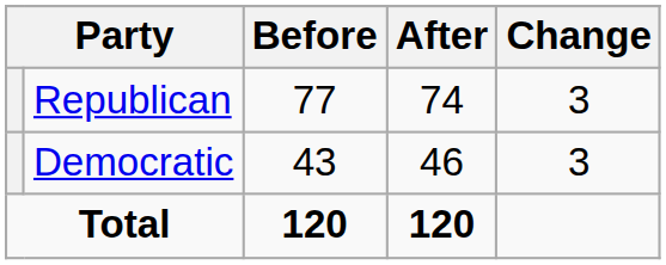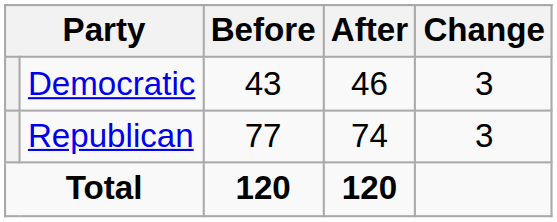 <table class="wikitable" style="text-align:center;">
 <tr>
 </tr>
 <tr>
 <th colspan=2>Party</th>
 <th>Before</th>
 <th>After</th>
 <th>Change</th>
 </tr>
 <tr>
 <th style="background-color:"></th>
-<td style="text-align:left;"><a href='#'>Republican</a></td>
-<td>77</td>
-<td>74</td>
+<td style="text-align:left;"><a href='#'>Democratic</a></td>
+<td>43</td>
+<td>46</td>
 <td> 3</td>
 </tr>
 <tr>
 <th style="background-color:"></th>
-<td style="text-align:left;"><a href='#'>Democratic</a></td>
-<td>43</td>
-<td>46</td>
+<td style="text-align:left;"><a href='#'>Republican</a></td>
+<td>77</td>
+<td>74</td>
 <td> 3</td>
 </tr>
 <tr>
 <td colspan=2><strong>Total</strong></td>
 <td><strong>120</strong></td>
 <td><strong>120</strong></td>
 <td></td>
 </tr>
 </table>
